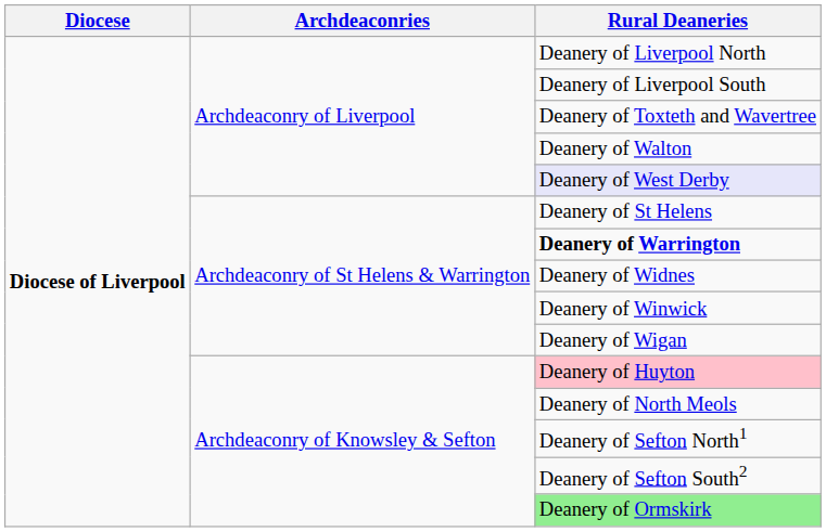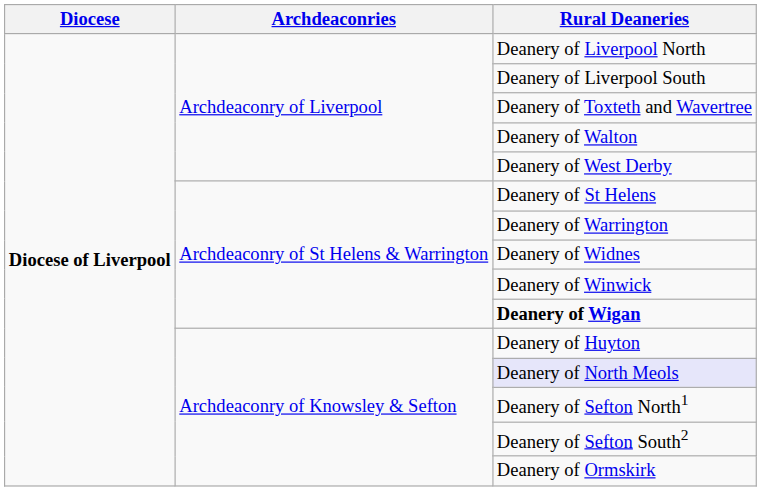 <table class="wikitable sortable">
 <tr>
 <th><a href='#'>Diocese</a></th>
 <th><a href='#'>Archdeaconries</a></th>
 <th><a href='#'>Rural Deaneries</a></th>
 </tr>
 <tr>
 <td rowspan="15"><strong>Diocese of Liverpool</strong></td>
 <td rowspan="5"><a href='#'>Archdeaconry of Liverpool</a></td>
 <td>Deanery of <a href='#'>Liverpool</a> North</td>
 </tr>
 <tr>
 <td>Deanery of Liverpool South</td>
 </tr>
 <tr>
 <td>Deanery of <a href='#'>Toxteth</a> and <a href='#'>Wavertree</a></td>
 </tr>
 <tr>
 <td>Deanery of <a href='#'>Walton</a></td>
 </tr>
 <tr>
-<td style="background: lavender;">Deanery of <a href='#'>West Derby</a></td>
+<td>Deanery of <a href='#'>West Derby</a></td>
 </tr>
 <tr>
 <td rowspan="5"><a href='#'>Archdeaconry of St&nbsp;Helens &amp; Warrington</a></td>
 <td>Deanery of <a href='#'>St Helens</a></td>
 </tr>
 <tr>
-<td><strong>Deanery of <a href='#'>Warrington</a></strong></td>
+<td>Deanery of <a href='#'>Warrington</a></td>
 </tr>
 <tr>
 <td>Deanery of <a href='#'>Widnes</a></td>
 </tr>
 <tr>
 <td>Deanery of <a href='#'>Winwick</a></td>
 </tr>
 <tr>
-<td>Deanery of <a href='#'>Wigan</a></td>
+<td><strong>Deanery of <a href='#'>Wigan</a></strong></td>
 </tr>
 <tr>
 <td rowspan="5"><a href='#'>Archdeaconry of Knowsley &amp; Sefton</a></td>
-<td style="background: pink;">Deanery of <a href='#'>Huyton</a></td>
+<td>Deanery of <a href='#'>Huyton</a></td>
 </tr>
 <tr>
-<td>Deanery of <a href='#'>North Meols</a></td>
+<td style="background: lavender;">Deanery of <a href='#'>North Meols</a></td>
 </tr>
 <tr>
 <td>Deanery of <a href='#'>Sefton</a> North<sup>1</sup></td>
 </tr>
 <tr>
 <td>Deanery of <a href='#'>Sefton</a> South<sup>2</sup></td>
 </tr>
 <tr>
-<td style="background: lightgreen;">Deanery of <a href='#'>Ormskirk</a></td>
+<td>Deanery of <a href='#'>Ormskirk</a></td>
 </tr>
 </table>
